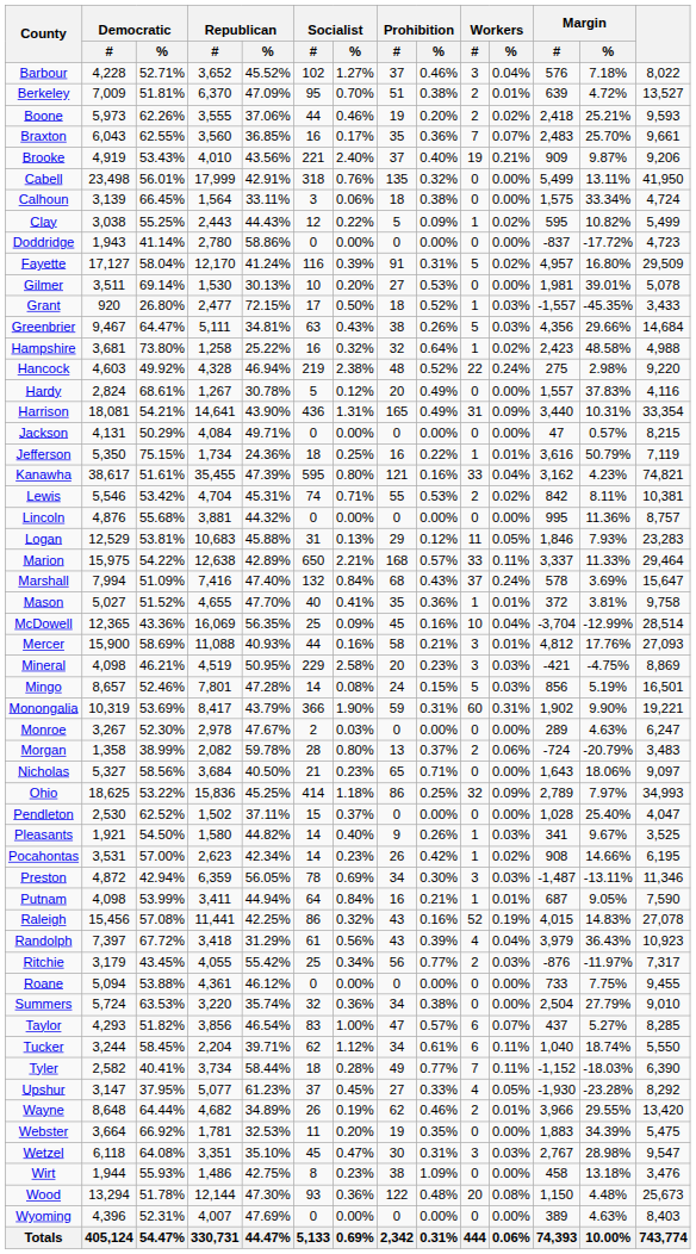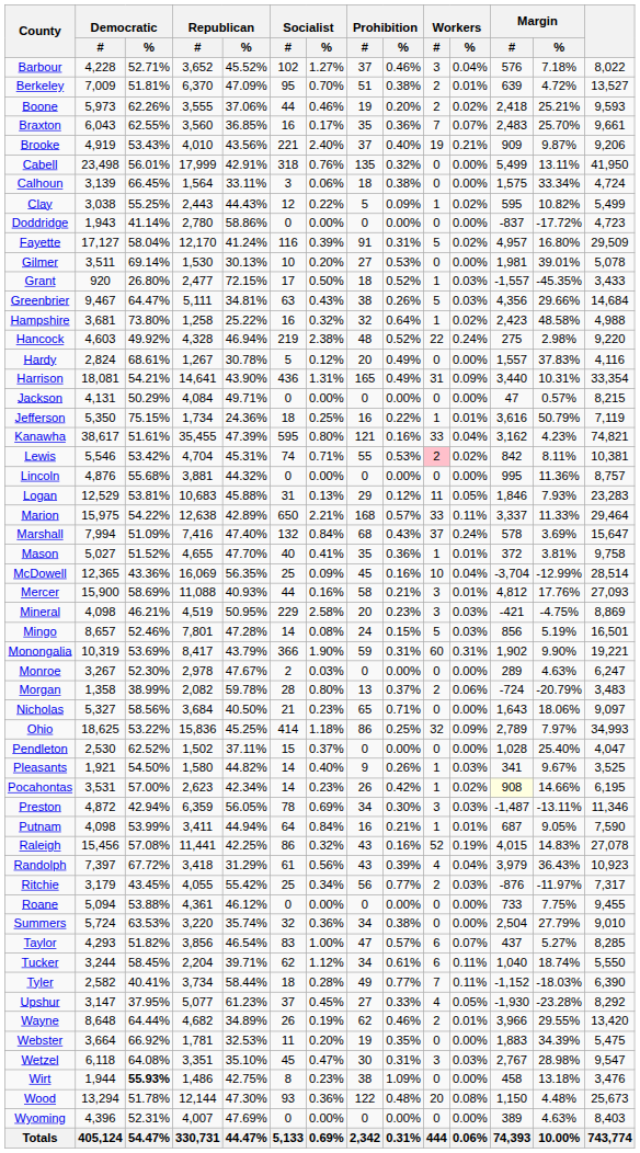 <table class="wikitable sortable mw-collapsible mw-collapsed" style="text-align:center">
 <tr>
 <th rowspan="2">County</th>
 <th colspan="2"><br> Democratic</th>
 <th colspan="2"><br>Republican</th>
 <th colspan="2"><br>Socialist</th>
 <th colspan="2"><br>Prohibition</th>
 <th colspan="2"><br>Workers</th>
 <th colspan="2">Margin</th>
 <th rowspan="2"></th>
 </tr>
 <tr>
 <th data-sort-type="number">#</th>
 <th data-sort-type="number">%</th>
 <th data-sort-type="number">#</th>
 <th data-sort-type="number">%</th>
 <th data-sort-type="number">#</th>
 <th data-sort-type="number">%</th>
 <th data-sort-type="number">#</th>
 <th data-sort-type="number">%</th>
 <th data-sort-type="number">#</th>
 <th data-sort-type="number">%</th>
 <th data-sort-type="number">#</th>
 <th data-sort-type="number">%</th>
 </tr>
 <tr style="text-align:center;">
 <td><a href='#'>Barbour</a></td>
 <td>4,228</td>
 <td>52.71%</td>
 <td>3,652</td>
 <td>45.52%</td>
 <td>102</td>
 <td>1.27%</td>
 <td>37</td>
 <td>0.46%</td>
 <td>3</td>
 <td>0.04%</td>
 <td>576</td>
 <td>7.18%</td>
 <td>8,022</td>
 </tr>
 <tr style="text-align:center;">
 <td><a href='#'>Berkeley</a></td>
 <td>7,009</td>
 <td>51.81%</td>
 <td>6,370</td>
 <td>47.09%</td>
 <td>95</td>
 <td>0.70%</td>
 <td>51</td>
 <td>0.38%</td>
 <td>2</td>
 <td>0.01%</td>
 <td>639</td>
 <td>4.72%</td>
 <td>13,527</td>
 </tr>
 <tr style="text-align:center;">
 <td><a href='#'>Boone</a></td>
 <td>5,973</td>
 <td>62.26%</td>
 <td>3,555</td>
 <td>37.06%</td>
 <td>44</td>
 <td>0.46%</td>
 <td>19</td>
 <td>0.20%</td>
 <td>2</td>
 <td>0.02%</td>
 <td>2,418</td>
 <td>25.21%</td>
 <td>9,593</td>
 </tr>
 <tr style="text-align:center;">
 <td><a href='#'>Braxton</a></td>
 <td>6,043</td>
 <td>62.55%</td>
 <td>3,560</td>
 <td>36.85%</td>
 <td>16</td>
 <td>0.17%</td>
 <td>35</td>
 <td>0.36%</td>
 <td>7</td>
 <td>0.07%</td>
 <td>2,483</td>
 <td>25.70%</td>
 <td>9,661</td>
 </tr>
 <tr style="text-align:center;">
 <td><a href='#'>Brooke</a></td>
 <td>4,919</td>
 <td>53.43%</td>
 <td>4,010</td>
 <td>43.56%</td>
 <td>221</td>
 <td>2.40%</td>
 <td>37</td>
 <td>0.40%</td>
 <td>19</td>
 <td>0.21%</td>
 <td>909</td>
 <td>9.87%</td>
 <td>9,206</td>
 </tr>
 <tr style="text-align:center;">
 <td><a href='#'>Cabell</a></td>
 <td>23,498</td>
 <td>56.01%</td>
 <td>17,999</td>
 <td>42.91%</td>
 <td>318</td>
 <td>0.76%</td>
 <td>135</td>
 <td>0.32%</td>
 <td>0</td>
 <td>0.00%</td>
 <td>5,499</td>
 <td>13.11%</td>
 <td>41,950</td>
 </tr>
 <tr style="text-align:center;">
 <td><a href='#'>Calhoun</a></td>
 <td>3,139</td>
 <td>66.45%</td>
 <td>1,564</td>
 <td>33.11%</td>
 <td>3</td>
 <td>0.06%</td>
 <td>18</td>
 <td>0.38%</td>
 <td>0</td>
 <td>0.00%</td>
 <td>1,575</td>
 <td>33.34%</td>
 <td>4,724</td>
 </tr>
 <tr style="text-align:center;">
 <td><a href='#'>Clay</a></td>
 <td>3,038</td>
 <td>55.25%</td>
 <td>2,443</td>
 <td>44.43%</td>
 <td>12</td>
 <td>0.22%</td>
 <td>5</td>
 <td>0.09%</td>
 <td>1</td>
 <td>0.02%</td>
 <td>595</td>
 <td>10.82%</td>
 <td>5,499</td>
 </tr>
 <tr style="text-align:center;">
 <td><a href='#'>Doddridge</a></td>
 <td>1,943</td>
 <td>41.14%</td>
 <td>2,780</td>
 <td>58.86%</td>
 <td>0</td>
 <td>0.00%</td>
 <td>0</td>
 <td>0.00%</td>
 <td>0</td>
 <td>0.00%</td>
 <td>-837</td>
 <td>-17.72%</td>
 <td>4,723</td>
 </tr>
 <tr style="text-align:center;">
 <td><a href='#'>Fayette</a></td>
 <td>17,127</td>
 <td>58.04%</td>
 <td>12,170</td>
 <td>41.24%</td>
 <td>116</td>
 <td>0.39%</td>
 <td>91</td>
 <td>0.31%</td>
 <td>5</td>
 <td>0.02%</td>
 <td>4,957</td>
 <td>16.80%</td>
 <td>29,509</td>
 </tr>
 <tr style="text-align:center;">
 <td><a href='#'>Gilmer</a></td>
 <td>3,511</td>
 <td>69.14%</td>
 <td>1,530</td>
 <td>30.13%</td>
 <td>10</td>
 <td>0.20%</td>
 <td>27</td>
 <td>0.53%</td>
 <td>0</td>
 <td>0.00%</td>
 <td>1,981</td>
 <td>39.01%</td>
 <td>5,078</td>
 </tr>
 <tr style="text-align:center;">
 <td><a href='#'>Grant</a></td>
 <td>920</td>
 <td>26.80%</td>
 <td>2,477</td>
 <td>72.15%</td>
 <td>17</td>
 <td>0.50%</td>
 <td>18</td>
 <td>0.52%</td>
 <td>1</td>
 <td>0.03%</td>
 <td>-1,557</td>
 <td>-45.35%</td>
 <td>3,433</td>
 </tr>
 <tr style="text-align:center;">
 <td><a href='#'>Greenbrier</a></td>
 <td>9,467</td>
 <td>64.47%</td>
 <td>5,111</td>
 <td>34.81%</td>
 <td>63</td>
 <td>0.43%</td>
 <td>38</td>
 <td>0.26%</td>
 <td>5</td>
 <td>0.03%</td>
 <td>4,356</td>
 <td>29.66%</td>
 <td>14,684</td>
 </tr>
 <tr style="text-align:center;">
 <td><a href='#'>Hampshire</a></td>
 <td>3,681</td>
 <td>73.80%</td>
 <td>1,258</td>
 <td>25.22%</td>
 <td>16</td>
 <td>0.32%</td>
 <td>32</td>
 <td>0.64%</td>
 <td>1</td>
 <td>0.02%</td>
 <td>2,423</td>
 <td>48.58%</td>
 <td>4,988</td>
 </tr>
 <tr style="text-align:center;">
 <td><a href='#'>Hancock</a></td>
 <td>4,603</td>
 <td>49.92%</td>
 <td>4,328</td>
 <td>46.94%</td>
 <td>219</td>
 <td>2.38%</td>
 <td>48</td>
 <td>0.52%</td>
 <td>22</td>
 <td>0.24%</td>
 <td>275</td>
 <td>2.98%</td>
 <td>9,220</td>
 </tr>
 <tr style="text-align:center;">
 <td><a href='#'>Hardy</a></td>
 <td>2,824</td>
 <td>68.61%</td>
 <td>1,267</td>
 <td>30.78%</td>
 <td>5</td>
 <td>0.12%</td>
 <td>20</td>
 <td>0.49%</td>
 <td>0</td>
 <td>0.00%</td>
 <td>1,557</td>
 <td>37.83%</td>
 <td>4,116</td>
 </tr>
 <tr style="text-align:center;">
 <td><a href='#'>Harrison</a></td>
 <td>18,081</td>
 <td>54.21%</td>
 <td>14,641</td>
 <td>43.90%</td>
 <td>436</td>
 <td>1.31%</td>
 <td>165</td>
 <td>0.49%</td>
 <td>31</td>
 <td>0.09%</td>
 <td>3,440</td>
 <td>10.31%</td>
 <td>33,354</td>
 </tr>
 <tr style="text-align:center;">
 <td><a href='#'>Jackson</a></td>
 <td>4,131</td>
 <td>50.29%</td>
 <td>4,084</td>
 <td>49.71%</td>
 <td>0</td>
 <td>0.00%</td>
 <td>0</td>
 <td>0.00%</td>
 <td>0</td>
 <td>0.00%</td>
 <td>47</td>
 <td>0.57%</td>
 <td>8,215</td>
 </tr>
 <tr style="text-align:center;">
 <td><a href='#'>Jefferson</a></td>
 <td>5,350</td>
 <td>75.15%</td>
 <td>1,734</td>
 <td>24.36%</td>
 <td>18</td>
 <td>0.25%</td>
 <td>16</td>
 <td>0.22%</td>
 <td>1</td>
 <td>0.01%</td>
 <td>3,616</td>
 <td>50.79%</td>
 <td>7,119</td>
 </tr>
 <tr style="text-align:center;">
 <td><a href='#'>Kanawha</a></td>
 <td>38,617</td>
 <td>51.61%</td>
 <td>35,455</td>
 <td>47.39%</td>
 <td>595</td>
 <td>0.80%</td>
 <td>121</td>
 <td>0.16%</td>
 <td>33</td>
 <td>0.04%</td>
 <td>3,162</td>
 <td>4.23%</td>
 <td>74,821</td>
 </tr>
 <tr style="text-align:center;">
 <td><a href='#'>Lewis</a></td>
 <td>5,546</td>
 <td>53.42%</td>
 <td>4,704</td>
 <td>45.31%</td>
 <td>74</td>
 <td>0.71%</td>
 <td>55</td>
 <td>0.53%</td>
-<td>2</td>
+<td style="background: pink;">2</td>
 <td>0.02%</td>
 <td>842</td>
 <td>8.11%</td>
 <td>10,381</td>
 </tr>
 <tr style="text-align:center;">
 <td><a href='#'>Lincoln</a></td>
 <td>4,876</td>
 <td>55.68%</td>
 <td>3,881</td>
 <td>44.32%</td>
 <td>0</td>
 <td>0.00%</td>
 <td>0</td>
 <td>0.00%</td>
 <td>0</td>
 <td>0.00%</td>
 <td>995</td>
 <td>11.36%</td>
 <td>8,757</td>
 </tr>
 <tr style="text-align:center;">
 <td><a href='#'>Logan</a></td>
 <td>12,529</td>
 <td>53.81%</td>
 <td>10,683</td>
 <td>45.88%</td>
 <td>31</td>
 <td>0.13%</td>
 <td>29</td>
 <td>0.12%</td>
 <td>11</td>
 <td>0.05%</td>
 <td>1,846</td>
 <td>7.93%</td>
 <td>23,283</td>
 </tr>
 <tr style="text-align:center;">
 <td><a href='#'>Marion</a></td>
 <td>15,975</td>
 <td>54.22%</td>
 <td>12,638</td>
 <td>42.89%</td>
 <td>650</td>
 <td>2.21%</td>
 <td>168</td>
 <td>0.57%</td>
 <td>33</td>
 <td>0.11%</td>
 <td>3,337</td>
 <td>11.33%</td>
 <td>29,464</td>
 </tr>
 <tr style="text-align:center;">
 <td><a href='#'>Marshall</a></td>
 <td>7,994</td>
 <td>51.09%</td>
 <td>7,416</td>
 <td>47.40%</td>
 <td>132</td>
 <td>0.84%</td>
 <td>68</td>
 <td>0.43%</td>
 <td>37</td>
 <td>0.24%</td>
 <td>578</td>
 <td>3.69%</td>
 <td>15,647</td>
 </tr>
 <tr style="text-align:center;">
 <td><a href='#'>Mason</a></td>
 <td>5,027</td>
 <td>51.52%</td>
 <td>4,655</td>
 <td>47.70%</td>
 <td>40</td>
 <td>0.41%</td>
 <td>35</td>
 <td>0.36%</td>
 <td>1</td>
 <td>0.01%</td>
 <td>372</td>
 <td>3.81%</td>
 <td>9,758</td>
 </tr>
 <tr style="text-align:center;">
 <td><a href='#'>McDowell</a></td>
 <td>12,365</td>
 <td>43.36%</td>
 <td>16,069</td>
 <td>56.35%</td>
 <td>25</td>
 <td>0.09%</td>
 <td>45</td>
 <td>0.16%</td>
 <td>10</td>
 <td>0.04%</td>
 <td>-3,704</td>
 <td>-12.99%</td>
 <td>28,514</td>
 </tr>
 <tr style="text-align:center;">
 <td><a href='#'>Mercer</a></td>
 <td>15,900</td>
 <td>58.69%</td>
 <td>11,088</td>
 <td>40.93%</td>
 <td>44</td>
 <td>0.16%</td>
 <td>58</td>
 <td>0.21%</td>
 <td>3</td>
 <td>0.01%</td>
 <td>4,812</td>
 <td>17.76%</td>
 <td>27,093</td>
 </tr>
 <tr style="text-align:center;">
 <td><a href='#'>Mineral</a></td>
 <td>4,098</td>
 <td>46.21%</td>
 <td>4,519</td>
 <td>50.95%</td>
 <td>229</td>
 <td>2.58%</td>
 <td>20</td>
 <td>0.23%</td>
 <td>3</td>
 <td>0.03%</td>
 <td>-421</td>
 <td>-4.75%</td>
 <td>8,869</td>
 </tr>
 <tr style="text-align:center;">
 <td><a href='#'>Mingo</a></td>
 <td>8,657</td>
 <td>52.46%</td>
 <td>7,801</td>
 <td>47.28%</td>
 <td>14</td>
 <td>0.08%</td>
 <td>24</td>
 <td>0.15%</td>
 <td>5</td>
 <td>0.03%</td>
 <td>856</td>
 <td>5.19%</td>
 <td>16,501</td>
 </tr>
 <tr style="text-align:center;">
 <td><a href='#'>Monongalia</a></td>
 <td>10,319</td>
 <td>53.69%</td>
 <td>8,417</td>
 <td>43.79%</td>
 <td>366</td>
 <td>1.90%</td>
 <td>59</td>
 <td>0.31%</td>
 <td>60</td>
 <td>0.31%</td>
 <td>1,902</td>
 <td>9.90%</td>
 <td>19,221</td>
 </tr>
 <tr style="text-align:center;">
 <td><a href='#'>Monroe</a></td>
 <td>3,267</td>
 <td>52.30%</td>
 <td>2,978</td>
 <td>47.67%</td>
 <td>2</td>
 <td>0.03%</td>
 <td>0</td>
 <td>0.00%</td>
 <td>0</td>
 <td>0.00%</td>
 <td>289</td>
 <td>4.63%</td>
 <td>6,247</td>
 </tr>
 <tr style="text-align:center;">
 <td><a href='#'>Morgan</a></td>
 <td>1,358</td>
 <td>38.99%</td>
 <td>2,082</td>
 <td>59.78%</td>
 <td>28</td>
 <td>0.80%</td>
 <td>13</td>
 <td>0.37%</td>
 <td>2</td>
 <td>0.06%</td>
 <td>-724</td>
 <td>-20.79%</td>
 <td>3,483</td>
 </tr>
 <tr style="text-align:center;">
 <td><a href='#'>Nicholas</a></td>
 <td>5,327</td>
 <td>58.56%</td>
 <td>3,684</td>
 <td>40.50%</td>
 <td>21</td>
 <td>0.23%</td>
 <td>65</td>
 <td>0.71%</td>
 <td>0</td>
 <td>0.00%</td>
 <td>1,643</td>
 <td>18.06%</td>
 <td>9,097</td>
 </tr>
 <tr style="text-align:center;">
 <td><a href='#'>Ohio</a></td>
 <td>18,625</td>
 <td>53.22%</td>
 <td>15,836</td>
 <td>45.25%</td>
 <td>414</td>
 <td>1.18%</td>
 <td>86</td>
 <td>0.25%</td>
 <td>32</td>
 <td>0.09%</td>
 <td>2,789</td>
 <td>7.97%</td>
 <td>34,993</td>
 </tr>
 <tr style="text-align:center;">
 <td><a href='#'>Pendleton</a></td>
 <td>2,530</td>
 <td>62.52%</td>
 <td>1,502</td>
 <td>37.11%</td>
 <td>15</td>
 <td>0.37%</td>
 <td>0</td>
 <td>0.00%</td>
 <td>0</td>
 <td>0.00%</td>
 <td>1,028</td>
 <td>25.40%</td>
 <td>4,047</td>
 </tr>
 <tr style="text-align:center;">
 <td><a href='#'>Pleasants</a></td>
 <td>1,921</td>
 <td>54.50%</td>
 <td>1,580</td>
 <td>44.82%</td>
 <td>14</td>
 <td>0.40%</td>
 <td>9</td>
 <td>0.26%</td>
 <td>1</td>
 <td>0.03%</td>
 <td>341</td>
 <td>9.67%</td>
 <td>3,525</td>
 </tr>
 <tr style="text-align:center;">
 <td><a href='#'>Pocahontas</a></td>
 <td>3,531</td>
 <td>57.00%</td>
 <td>2,623</td>
 <td>42.34%</td>
 <td>14</td>
 <td>0.23%</td>
 <td>26</td>
 <td>0.42%</td>
 <td>1</td>
 <td>0.02%</td>
-<td>908</td>
+<td style="background: lightyellow;">908</td>
 <td>14.66%</td>
 <td>6,195</td>
 </tr>
 <tr style="text-align:center;">
 <td><a href='#'>Preston</a></td>
 <td>4,872</td>
 <td>42.94%</td>
 <td>6,359</td>
 <td>56.05%</td>
 <td>78</td>
 <td>0.69%</td>
 <td>34</td>
 <td>0.30%</td>
 <td>3</td>
 <td>0.03%</td>
 <td>-1,487</td>
 <td>-13.11%</td>
 <td>11,346</td>
 </tr>
 <tr style="text-align:center;">
 <td><a href='#'>Putnam</a></td>
 <td>4,098</td>
 <td>53.99%</td>
 <td>3,411</td>
 <td>44.94%</td>
 <td>64</td>
 <td>0.84%</td>
 <td>16</td>
 <td>0.21%</td>
 <td>1</td>
 <td>0.01%</td>
 <td>687</td>
 <td>9.05%</td>
 <td>7,590</td>
 </tr>
 <tr style="text-align:center;">
 <td><a href='#'>Raleigh</a></td>
 <td>15,456</td>
 <td>57.08%</td>
 <td>11,441</td>
 <td>42.25%</td>
 <td>86</td>
 <td>0.32%</td>
 <td>43</td>
 <td>0.16%</td>
 <td>52</td>
 <td>0.19%</td>
 <td>4,015</td>
 <td>14.83%</td>
 <td>27,078</td>
 </tr>
 <tr style="text-align:center;">
 <td><a href='#'>Randolph</a></td>
 <td>7,397</td>
 <td>67.72%</td>
 <td>3,418</td>
 <td>31.29%</td>
 <td>61</td>
 <td>0.56%</td>
 <td>43</td>
 <td>0.39%</td>
 <td>4</td>
 <td>0.04%</td>
 <td>3,979</td>
 <td>36.43%</td>
 <td>10,923</td>
 </tr>
 <tr style="text-align:center;">
 <td><a href='#'>Ritchie</a></td>
 <td>3,179</td>
 <td>43.45%</td>
 <td>4,055</td>
 <td>55.42%</td>
 <td>25</td>
 <td>0.34%</td>
 <td>56</td>
 <td>0.77%</td>
 <td>2</td>
 <td>0.03%</td>
 <td>-876</td>
 <td>-11.97%</td>
 <td>7,317</td>
 </tr>
 <tr style="text-align:center;">
 <td><a href='#'>Roane</a></td>
 <td>5,094</td>
 <td>53.88%</td>
 <td>4,361</td>
 <td>46.12%</td>
 <td>0</td>
 <td>0.00%</td>
 <td>0</td>
 <td>0.00%</td>
 <td>0</td>
 <td>0.00%</td>
 <td>733</td>
 <td>7.75%</td>
 <td>9,455</td>
 </tr>
 <tr style="text-align:center;">
 <td><a href='#'>Summers</a></td>
 <td>5,724</td>
 <td>63.53%</td>
 <td>3,220</td>
 <td>35.74%</td>
 <td>32</td>
 <td>0.36%</td>
 <td>34</td>
 <td>0.38%</td>
 <td>0</td>
 <td>0.00%</td>
 <td>2,504</td>
 <td>27.79%</td>
 <td>9,010</td>
 </tr>
 <tr style="text-align:center;">
 <td><a href='#'>Taylor</a></td>
 <td>4,293</td>
 <td>51.82%</td>
 <td>3,856</td>
 <td>46.54%</td>
 <td>83</td>
 <td>1.00%</td>
 <td>47</td>
 <td>0.57%</td>
 <td>6</td>
 <td>0.07%</td>
 <td>437</td>
 <td>5.27%</td>
 <td>8,285</td>
 </tr>
 <tr style="text-align:center;">
 <td><a href='#'>Tucker</a></td>
 <td>3,244</td>
 <td>58.45%</td>
 <td>2,204</td>
 <td>39.71%</td>
 <td>62</td>
 <td>1.12%</td>
 <td>34</td>
 <td>0.61%</td>
 <td>6</td>
 <td>0.11%</td>
 <td>1,040</td>
 <td>18.74%</td>
 <td>5,550</td>
 </tr>
 <tr style="text-align:center;">
 <td><a href='#'>Tyler</a></td>
 <td>2,582</td>
 <td>40.41%</td>
 <td>3,734</td>
 <td>58.44%</td>
 <td>18</td>
 <td>0.28%</td>
 <td>49</td>
 <td>0.77%</td>
 <td>7</td>
 <td>0.11%</td>
 <td>-1,152</td>
 <td>-18.03%</td>
 <td>6,390</td>
 </tr>
 <tr style="text-align:center;">
 <td><a href='#'>Upshur</a></td>
 <td>3,147</td>
 <td>37.95%</td>
 <td>5,077</td>
 <td>61.23%</td>
 <td>37</td>
 <td>0.45%</td>
 <td>27</td>
 <td>0.33%</td>
 <td>4</td>
 <td>0.05%</td>
 <td>-1,930</td>
 <td>-23.28%</td>
 <td>8,292</td>
 </tr>
 <tr style="text-align:center;">
 <td><a href='#'>Wayne</a></td>
 <td>8,648</td>
 <td>64.44%</td>
 <td>4,682</td>
 <td>34.89%</td>
 <td>26</td>
 <td>0.19%</td>
 <td>62</td>
 <td>0.46%</td>
 <td>2</td>
 <td>0.01%</td>
 <td>3,966</td>
 <td>29.55%</td>
 <td>13,420</td>
 </tr>
 <tr style="text-align:center;">
 <td><a href='#'>Webster</a></td>
 <td>3,664</td>
 <td>66.92%</td>
 <td>1,781</td>
 <td>32.53%</td>
 <td>11</td>
 <td>0.20%</td>
 <td>19</td>
 <td>0.35%</td>
 <td>0</td>
 <td>0.00%</td>
 <td>1,883</td>
 <td>34.39%</td>
 <td>5,475</td>
 </tr>
 <tr style="text-align:center;">
 <td><a href='#'>Wetzel</a></td>
 <td>6,118</td>
 <td>64.08%</td>
 <td>3,351</td>
 <td>35.10%</td>
 <td>45</td>
 <td>0.47%</td>
 <td>30</td>
 <td>0.31%</td>
 <td>3</td>
 <td>0.03%</td>
 <td>2,767</td>
 <td>28.98%</td>
 <td>9,547</td>
 </tr>
 <tr style="text-align:center;">
 <td><a href='#'>Wirt</a></td>
 <td>1,944</td>
-<td>55.93%</td>
+<td><strong>55.93%</strong></td>
 <td>1,486</td>
 <td>42.75%</td>
 <td>8</td>
 <td>0.23%</td>
 <td>38</td>
 <td>1.09%</td>
 <td>0</td>
 <td>0.00%</td>
 <td>458</td>
 <td>13.18%</td>
 <td>3,476</td>
 </tr>
 <tr style="text-align:center;">
 <td><a href='#'>Wood</a></td>
 <td>13,294</td>
 <td>51.78%</td>
 <td>12,144</td>
 <td>47.30%</td>
 <td>93</td>
 <td>0.36%</td>
 <td>122</td>
 <td>0.48%</td>
 <td>20</td>
 <td>0.08%</td>
 <td>1,150</td>
 <td>4.48%</td>
 <td>25,673</td>
 </tr>
 <tr style="text-align:center;">
 <td><a href='#'>Wyoming</a></td>
 <td>4,396</td>
 <td>52.31%</td>
 <td>4,007</td>
 <td>47.69%</td>
 <td>0</td>
 <td>0.00%</td>
 <td>0</td>
 <td>0.00%</td>
 <td>0</td>
 <td>0.00%</td>
 <td>389</td>
 <td>4.63%</td>
 <td>8,403</td>
 </tr>
 <tr>
 <th>Totals</th>
 <th>405,124</th>
 <th>54.47%</th>
 <th>330,731</th>
 <th>44.47%</th>
 <th>5,133</th>
 <th>0.69%</th>
 <th>2,342</th>
 <th>0.31%</th>
 <th>444</th>
 <th>0.06%</th>
 <th>74,393</th>
 <th>10.00%</th>
 <th>743,774</th>
 </tr>
 </table>
